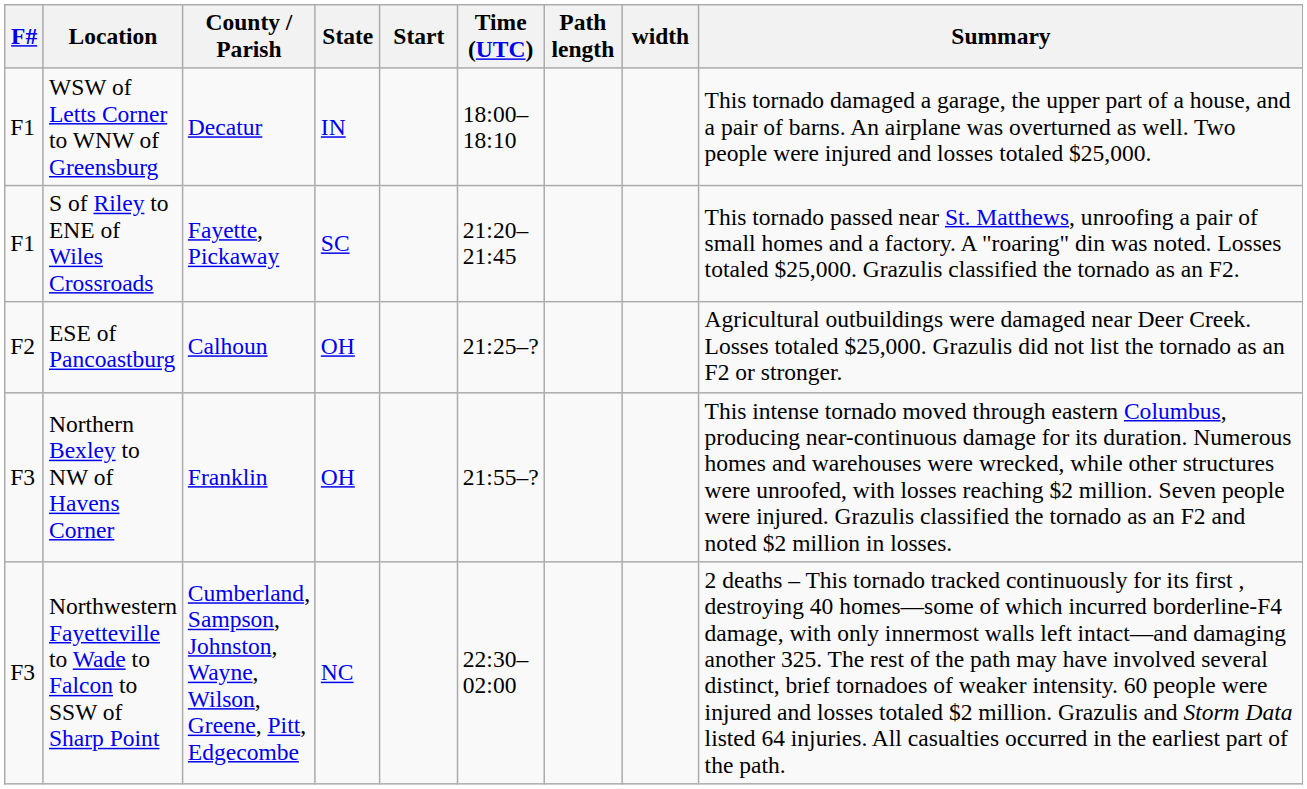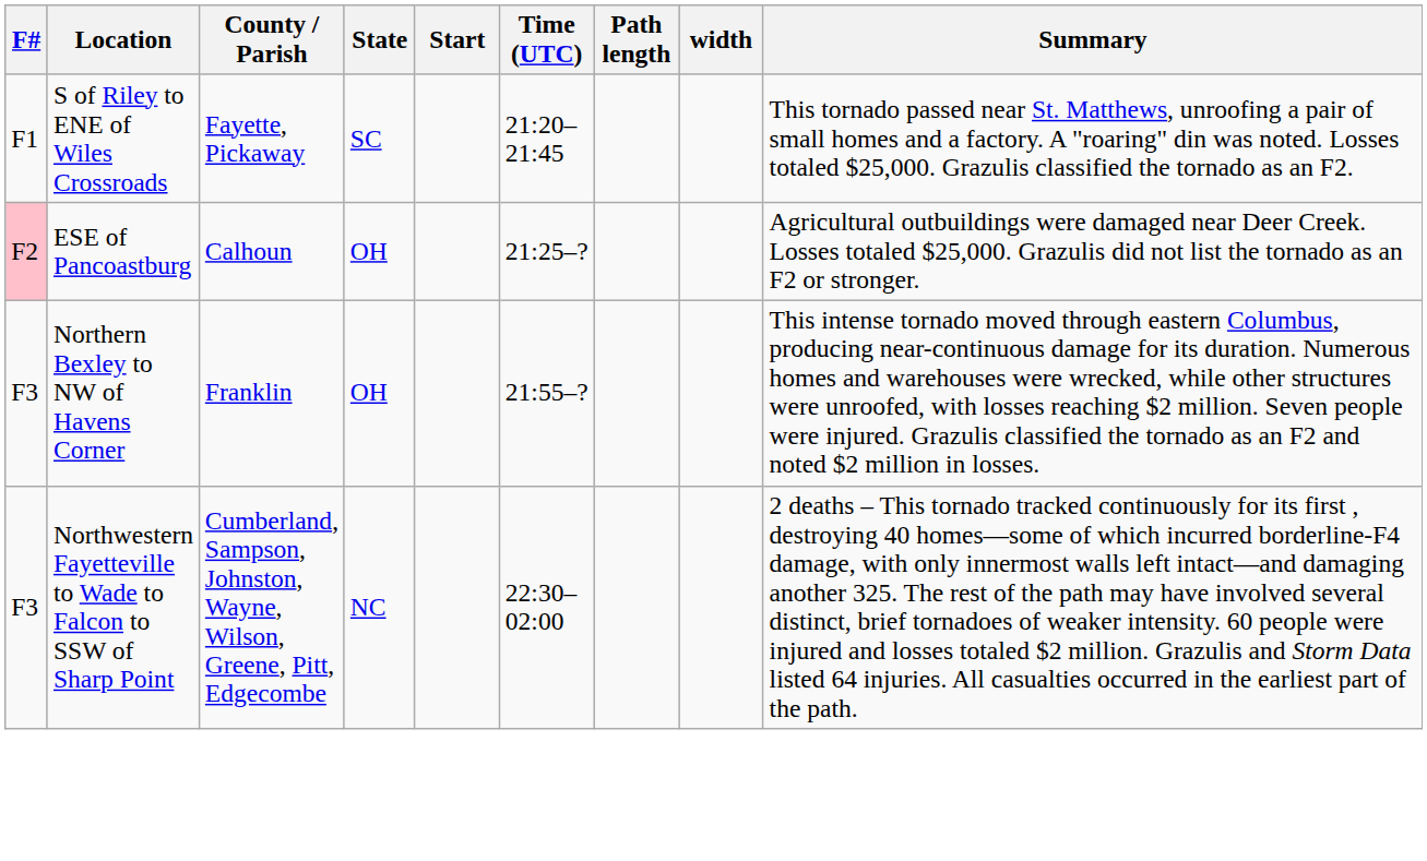 <table class="wikitable sortable" style="width:100%;">
 <tr>
 <th scope="col"  style="width:3%; text-align:center;"><a href='#'>F#</a></th>
 <th scope="col"  style="width:7%; text-align:center;" class="unsortable">Location</th>
 <th scope="col"  style="width:6%; text-align:center;" class="unsortable">County / Parish</th>
 <th scope="col"  style="width:5%; text-align:center;">State</th>
 <th scope="col"  style="width:6%; text-align:center;">Start<br></th>
 <th scope="col"  style="width:6%; text-align:center;">Time (<a href='#'>UTC</a>)</th>
 <th scope="col"  style="width:6%; text-align:center;">Path length</th>
 <th scope="col"  style="width:6%; text-align:center;"> width</th>
 <th scope="col" class="unsortable" style="width:48%; text-align:center;">Summary</th>
 </tr>
 <tr>
 <td>F1</td>
-<td>WSW of <a href='#'>Letts Corner</a> to WNW of <a href='#'>Greensburg</a></td>
-<td><a href='#'>Decatur</a></td>
-<td><a href='#'>IN</a></td>
-<td></td>
-<td>18:00–18:10</td>
-<td></td>
-<td></td>
-<td>This tornado damaged a garage, the upper part of a house, and a pair of barns. An airplane was overturned as well. Two people were injured and losses totaled $25,000.</td>
-</tr>
-<tr>
-<td>F1</td>
 <td>S of <a href='#'>Riley</a> to ENE of <a href='#'>Wiles Crossroads</a></td>
 <td><a href='#'>Fayette</a>, <a href='#'>Pickaway</a></td>
 <td><a href='#'>SC</a></td>
 <td></td>
 <td>21:20–21:45</td>
 <td></td>
 <td></td>
 <td>This tornado passed near <a href='#'>St. Matthews</a>, unroofing a pair of small homes and a factory. A "roaring" din was noted. Losses totaled $25,000. Grazulis classified the tornado as an F2.</td>
 </tr>
 <tr>
-<td>F2</td>
+<td style="background: pink;">F2</td>
 <td>ESE of <a href='#'>Pancoastburg</a></td>
 <td><a href='#'>Calhoun</a></td>
 <td><a href='#'>OH</a></td>
 <td></td>
 <td>21:25–?</td>
 <td></td>
 <td></td>
 <td>Agricultural outbuildings were damaged near Deer Creek. Losses totaled $25,000. Grazulis did not list the tornado as an F2 or stronger.</td>
 </tr>
 <tr>
 <td>F3</td>
 <td>Northern <a href='#'>Bexley</a> to NW of <a href='#'>Havens Corner</a></td>
 <td><a href='#'>Franklin</a></td>
 <td><a href='#'>OH</a></td>
 <td></td>
 <td>21:55–?</td>
 <td></td>
 <td></td>
 <td>This intense tornado moved through eastern <a href='#'>Columbus</a>, producing near-continuous damage for its duration. Numerous homes and warehouses were wrecked, while other structures were unroofed, with losses reaching $2 million. Seven people were injured. Grazulis classified the tornado as an F2 and noted $2 million in losses.</td>
 </tr>
 <tr>
 <td>F3</td>
 <td>Northwestern <a href='#'>Fayetteville</a> to <a href='#'>Wade</a> to <a href='#'>Falcon</a> to SSW of <a href='#'>Sharp Point</a></td>
 <td><a href='#'>Cumberland</a>, <a href='#'>Sampson</a>, <a href='#'>Johnston</a>, <a href='#'>Wayne</a>, <a href='#'>Wilson</a>, <a href='#'>Greene</a>, <a href='#'>Pitt</a>, <a href='#'>Edgecombe</a></td>
 <td><a href='#'>NC</a></td>
 <td></td>
 <td>22:30–02:00</td>
 <td></td>
 <td></td>
 <td>2 deaths – This tornado tracked continuously for its first , destroying 40 homes—some of which incurred borderline-F4 damage, with only innermost walls left intact—and damaging another 325. The rest of the path may have involved several distinct, brief tornadoes of weaker intensity. 60 people were injured and losses totaled $2 million. Grazulis and <em>Storm Data</em> listed 64 injuries. All casualties occurred in the earliest part of the path.</td>
 </tr>
 </table>
